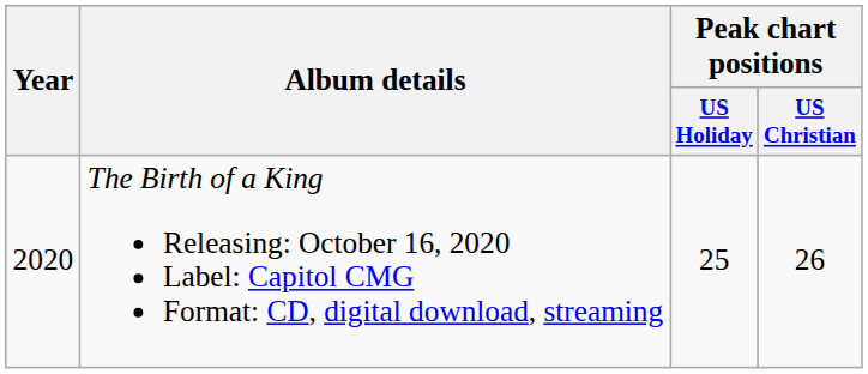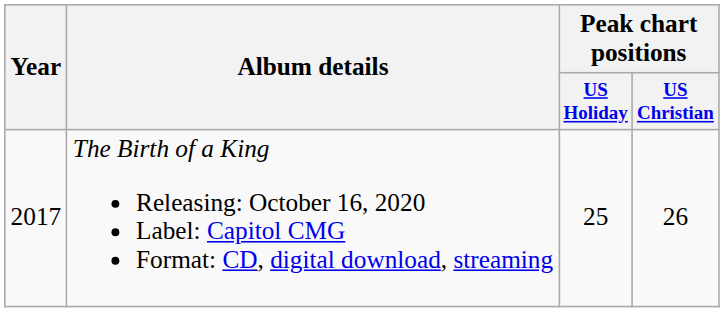 <table class="wikitable" style="text-align:center;">
 <tr>
 <th rowspan="2">Year</th>
 <th rowspan="2">Album details</th>
 <th colspan="2">Peak chart positions</th>
 </tr>
 <tr style="font-size:smaller;">
 <th style="width:3em; font-size:90%"><a href='#'>US<br>Holiday</a><br></th>
 <th style="width:3em; font-size:90%"><a href='#'>US<br>Christian</a><br></th>
 </tr>
 <tr>
-<td>2020</td>
+<td>2017</td>
 <td style="text-align:left;"><em>The Birth of a King</em><br><ul><li>Releasing: October 16, 2020</li><li>Label: <a href='#'>Capitol CMG</a></li><li>Format: <a href='#'>CD</a>, <a href='#'>digital download</a>, <a href='#'>streaming</a></li></ul></td>
 <td>25</td>
 <td>26</td>
 </tr>
 </table>
